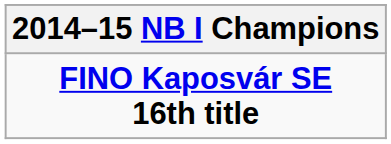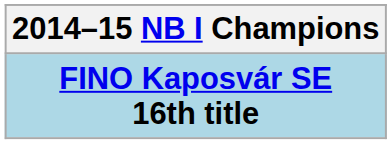 <table class=wikitable style="text-align:center; margin:auto">
 <tr>
 <th>2014–15 <a href='#'>NB I</a> Champions</th>
 </tr>
 <tr>
-<td><strong><a href='#'>FINO Kaposvár SE</a></strong><br><strong>16th title</strong></td>
+<td style="background: lightblue;"><strong><a href='#'>FINO Kaposvár SE</a></strong><br><strong>16th title</strong></td>
 </tr>
 </table>
